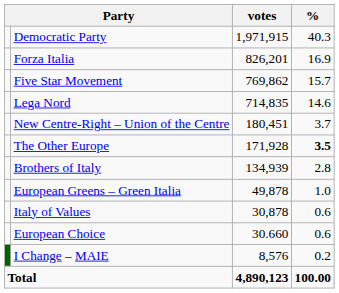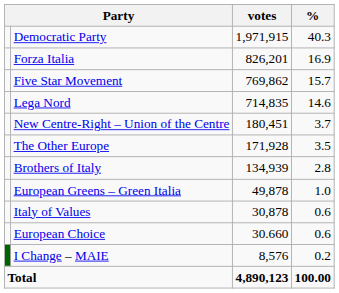 <table class="wikitable" style="font-size:95%">
 <tr>
 <th colspan=2>Party</th>
 <th>votes</th>
 <th>%</th>
 </tr>
 <tr>
 <td></td>
 <td><a href='#'>Democratic Party</a></td>
 <td align=right>1,971,915</td>
 <td align=right>40.3</td>
 </tr>
 <tr>
 <td></td>
 <td><a href='#'>Forza Italia</a></td>
 <td align=right>826,201</td>
 <td align=right>16.9</td>
 </tr>
 <tr>
 <td></td>
 <td><a href='#'>Five Star Movement</a></td>
 <td align=right>769,862</td>
 <td align=right>15.7</td>
 </tr>
 <tr>
 <td></td>
 <td><a href='#'>Lega Nord</a></td>
 <td align=right>714,835</td>
 <td align=right>14.6</td>
 </tr>
 <tr>
 <td></td>
 <td><a href='#'>New Centre-Right – Union of the Centre</a></td>
 <td align=right>180,451</td>
 <td align=right>3.7</td>
 </tr>
 <tr>
 <td></td>
 <td><a href='#'>The Other Europe</a></td>
 <td align=right>171,928</td>
-<td align=right><strong>3.5</strong></td>
+<td align=right>3.5</td>
 </tr>
 <tr>
 <td></td>
 <td><a href='#'>Brothers of Italy</a></td>
 <td align=right>134,939</td>
 <td align=right>2.8</td>
 </tr>
 <tr>
 <td></td>
 <td><a href='#'>European Greens – Green Italia</a></td>
 <td align=right>49,878</td>
 <td align=right>1.0</td>
 </tr>
 <tr>
 <td></td>
 <td><a href='#'>Italy of Values</a></td>
 <td align=right>30,878</td>
 <td align=right>0.6</td>
 </tr>
 <tr>
 <td></td>
 <td><a href='#'>European Choice</a></td>
 <td align=right>30.660</td>
 <td align=right>0.6</td>
 </tr>
 <tr>
 <td bgcolor="darkgreen"></td>
 <td><a href='#'>I Change</a> – <a href='#'>MAIE</a></td>
 <td align=right>8,576</td>
 <td align=right>0.2</td>
 </tr>
 <tr>
 <td colspan=2><strong>Total</strong></td>
 <td align=right><strong>4,890,123</strong></td>
 <td align=right><strong>100.00</strong></td>
 </tr>
 </table>
